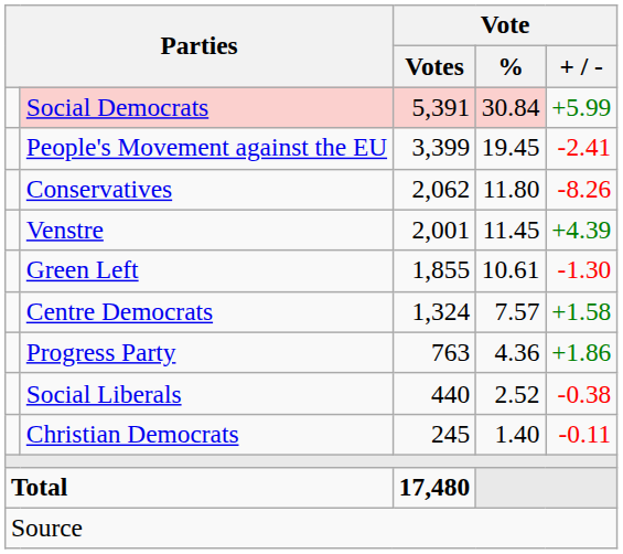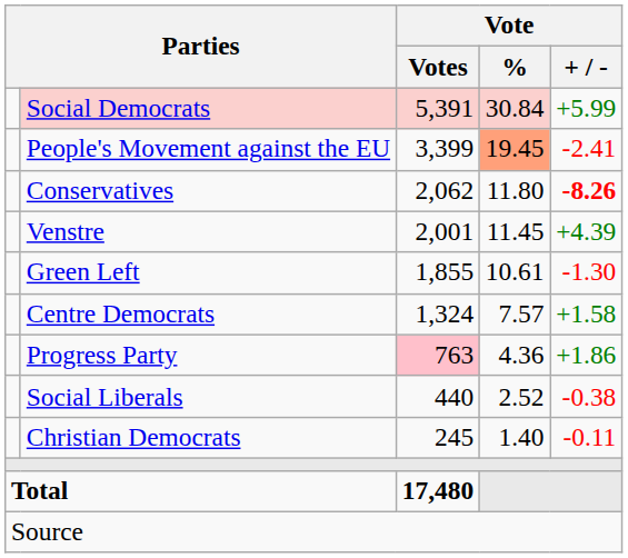 <table class="wikitable" style="text-align:right;">
 <tr>
 <th style="text-align:centre;" rowspan="2" colspan="2" width="225">Parties</th>
 <th colspan="3">Vote</th>
 </tr>
 <tr>
 <th width="15">Votes</th>
 <th width="15">%</th>
 <th width="15">+ / -</th>
 </tr>
 <tr>
 <td width="2" style="color:inherit;background:"></td>
 <td bgcolor=#fbd0ce   align="left"><a href='#'>Social Democrats</a></td>
 <td bgcolor=#fbd0ce>5,391</td>
 <td bgcolor=#fbd0ce>30.84</td>
 <td style=color:green;>+5.99</td>
 </tr>
 <tr>
 <td width="2" style="color:inherit;background:"></td>
 <td align="left"><a href='#'>People's Movement against the EU</a></td>
 <td>3,399</td>
-<td>19.45</td>
+<td style="background: lightsalmon;">19.45</td>
 <td style=color:red;>-2.41</td>
 </tr>
 <tr>
 <td width="2" style="color:inherit;background:"></td>
 <td align="left"><a href='#'>Conservatives</a></td>
 <td>2,062</td>
 <td>11.80</td>
-<td style=color:red;>-8.26</td>
+<td style=color:red;><strong>-8.26</strong></td>
 </tr>
 <tr>
 <td width="2" style="color:inherit;background:"></td>
 <td align="left"><a href='#'>Venstre</a></td>
 <td>2,001</td>
 <td>11.45</td>
 <td style=color:green;>+4.39</td>
 </tr>
 <tr>
 <td width="2" style="color:inherit;background:"></td>
 <td align="left"><a href='#'>Green Left</a></td>
 <td>1,855</td>
 <td>10.61</td>
 <td style=color:red;>-1.30</td>
 </tr>
 <tr>
 <td width="2" style="color:inherit;background:"></td>
 <td align="left"><a href='#'>Centre Democrats</a></td>
 <td>1,324</td>
 <td>7.57</td>
 <td style=color:green;>+1.58</td>
 </tr>
 <tr>
 <td width="2" style="color:inherit;background:"></td>
 <td align="left"><a href='#'>Progress Party</a></td>
-<td>763</td>
+<td style="background: pink;">763</td>
 <td>4.36</td>
 <td style=color:green;>+1.86</td>
 </tr>
 <tr>
 <td width="2" style="color:inherit;background:"></td>
 <td align="left"><a href='#'>Social Liberals</a></td>
 <td>440</td>
 <td>2.52</td>
 <td style=color:red;>-0.38</td>
 </tr>
 <tr>
 <td width="2" style="color:inherit;background:"></td>
 <td align="left"><a href='#'>Christian Democrats</a></td>
 <td>245</td>
 <td>1.40</td>
 <td style=color:red;>-0.11</td>
 </tr>
 <tr>
 <td colspan="7" bgcolor="#E9E9E9"></td>
 </tr>
 <tr>
 <td align="left" colspan="2"><strong>Total</strong></td>
 <td><strong>17,480</strong></td>
 <td bgcolor="#E9E9E9" colspan="2"></td>
 </tr>
 <tr>
 <td align="left" colspan="6">Source</td>
 </tr>
 </table>
